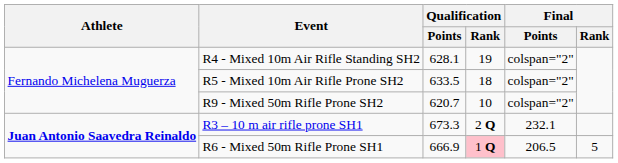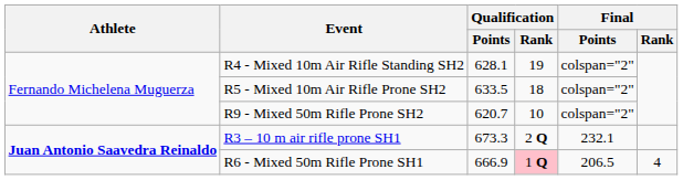 <table class="wikitable" style="font-size:90%">
 <tr>
 <th rowspan="2">Athlete</th>
 <th rowspan="2">Event</th>
 <th colspan="2">Qualification</th>
 <th colspan="2">Final</th>
 </tr>
 <tr style="font-size:95%">
 <th>Points</th>
 <th>Rank</th>
 <th>Points</th>
 <th>Rank</th>
 </tr>
 <tr align=center>
 <td rowspan="3" align="left"><a href='#'>Fernando Michelena Muguerza</a></td>
 <td align=left>R4 - Mixed 10m Air Rifle Standing SH2</td>
 <td>628.1</td>
 <td>19</td>
 <td>colspan="2" </td>
 </tr>
 <tr align=center>
 <td align="left">R5 - Mixed 10m Air Rifle Prone SH2</td>
 <td>633.5</td>
 <td>18</td>
 <td>colspan="2" </td>
 </tr>
 <tr align=center>
 <td align="left">R9 - Mixed 50m Rifle Prone SH2</td>
 <td>620.7</td>
 <td>10</td>
 <td>colspan="2" </td>
 </tr>
 <tr align="center">
 <td rowspan="2" align="left"><strong><a href='#'>Juan Antonio Saavedra Reinaldo</a></strong></td>
 <td align="left"><a href='#'>R3 – 10 m air rifle prone SH1</a></td>
 <td>673.3</td>
 <td>2 <strong>Q</strong></td>
 <td>232.1</td>
 <td></td>
 </tr>
 <tr align=center>
 <td align="left">R6 - Mixed 50m Rifle Prone SH1</td>
 <td>666.9</td>
 <td style="background: pink;">1 <strong>Q</strong></td>
 <td>206.5</td>
-<td>5</td>
+<td>4</td>
 </tr>
 </table>
